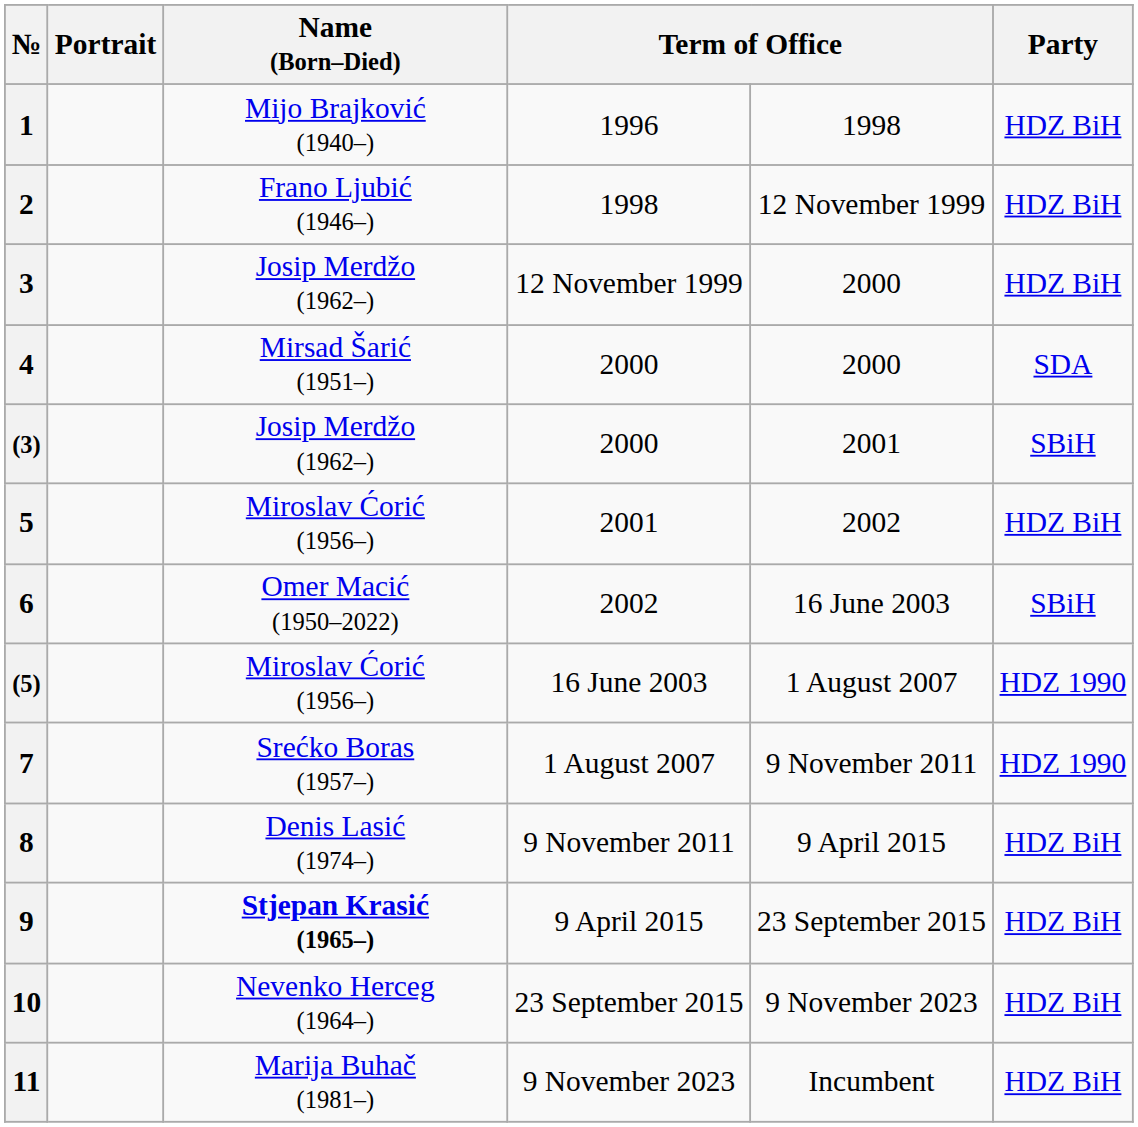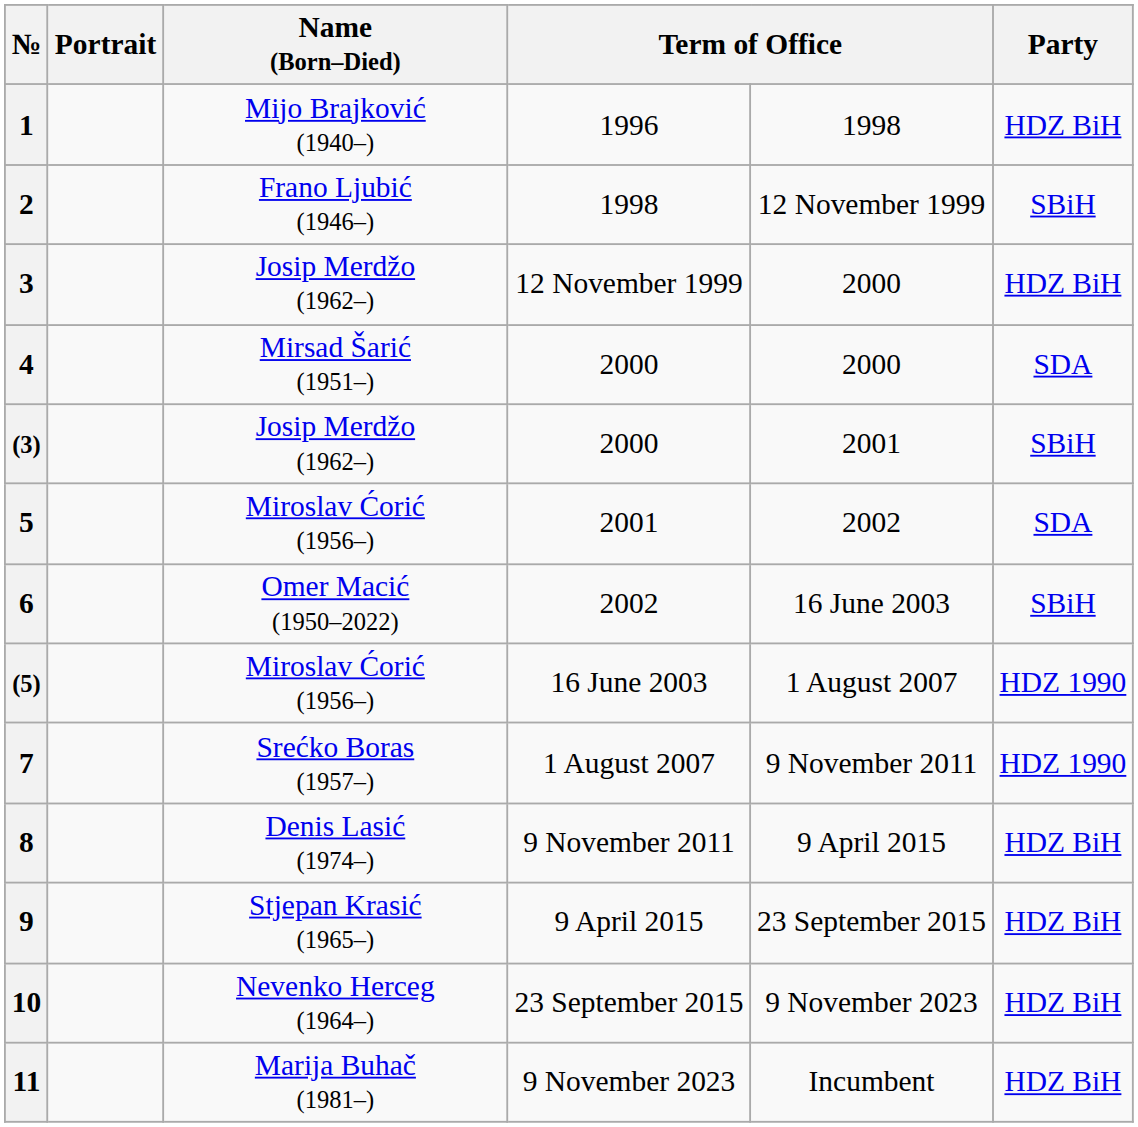 <table class="wikitable" style="text-align:center">
 <tr ->
 <th>№</th>
 <th>Portrait</th>
 <th width=180>Name<br><small>(Born–Died)</small></th>
 <th colspan=2>Term of Office</th>
 <th>Party</th>
 </tr>
 <tr ->
 <th style="background:">1</th>
 <td></td>
 <td><a href='#'>Mijo Brajković</a><br><small>(1940–)</small></td>
 <td>1996</td>
 <td>1998</td>
 <td><a href='#'>HDZ BiH</a></td>
 </tr>
 <tr ->
 <th style="background:">2</th>
 <td></td>
 <td><a href='#'>Frano Ljubić</a><br><small>(1946–)</small></td>
 <td>1998</td>
 <td>12 November 1999</td>
-<td><a href='#'>HDZ BiH</a></td>
+<td><a href='#'>SBiH</a></td>
 </tr>
 <tr ->
 <th style="background:">3</th>
 <td></td>
 <td><a href='#'>Josip Merdžo</a><br><small>(1962–)</small></td>
 <td>12 November 1999</td>
 <td>2000</td>
 <td><a href='#'>HDZ BiH</a></td>
 </tr>
 <tr ->
 <th style="background:">4</th>
 <td></td>
 <td><a href='#'>Mirsad Šarić</a><br><small>(1951–)</small></td>
 <td>2000</td>
 <td>2000</td>
 <td><a href='#'>SDA</a></td>
 </tr>
 <tr ->
 <th style="background:"><small>(3)</small></th>
 <td></td>
 <td><a href='#'>Josip Merdžo</a><br><small>(1962–)</small></td>
 <td>2000</td>
 <td>2001</td>
 <td><a href='#'>SBiH</a></td>
 </tr>
 <tr ->
 <th style="background:">5</th>
 <td></td>
 <td><a href='#'>Miroslav Ćorić</a><br><small>(1956–)</small></td>
 <td>2001</td>
 <td>2002</td>
-<td><a href='#'>HDZ BiH</a></td>
+<td><a href='#'>SDA</a></td>
 </tr>
 <tr ->
 <th style="background:">6</th>
 <td></td>
 <td><a href='#'>Omer Macić</a><br><small>(1950–2022)</small></td>
 <td>2002</td>
 <td>16 June 2003</td>
 <td><a href='#'>SBiH</a></td>
 </tr>
 <tr ->
 <th style="background:"><small>(5)</small></th>
 <td></td>
 <td><a href='#'>Miroslav Ćorić</a><br><small>(1956–)</small></td>
 <td>16 June 2003</td>
 <td>1 August 2007</td>
 <td><a href='#'>HDZ 1990</a></td>
 </tr>
 <tr ->
 <th style="background:">7</th>
 <td></td>
 <td><a href='#'>Srećko Boras</a><br><small>(1957–)</small></td>
 <td>1 August 2007</td>
 <td>9 November 2011</td>
 <td><a href='#'>HDZ 1990</a></td>
 </tr>
 <tr ->
 <th style="background:">8</th>
 <td></td>
 <td><a href='#'>Denis Lasić</a><br><small>(1974–)</small></td>
 <td>9 November 2011</td>
 <td>9 April 2015</td>
 <td><a href='#'>HDZ BiH</a></td>
 </tr>
 <tr ->
 <th style="background:">9</th>
 <td></td>
-<td><strong><a href='#'>Stjepan Krasić</a><br><small>(1965–)</small></strong></td>
+<td><a href='#'>Stjepan Krasić</a><br><small>(1965–)</small></td>
 <td>9 April 2015</td>
 <td>23 September 2015</td>
 <td><a href='#'>HDZ BiH</a></td>
 </tr>
 <tr ->
 <th style="background:">10</th>
 <td></td>
 <td><a href='#'>Nevenko Herceg</a><br><small>(1964–)</small></td>
 <td>23 September 2015</td>
 <td>9 November 2023</td>
 <td><a href='#'>HDZ BiH</a></td>
 </tr>
 <tr ->
 <th style="background:">11</th>
 <td></td>
 <td><a href='#'>Marija Buhač</a><br><small>(1981–)</small></td>
 <td>9 November 2023</td>
 <td>Incumbent</td>
 <td><a href='#'>HDZ BiH</a></td>
 </tr>
 </table>
